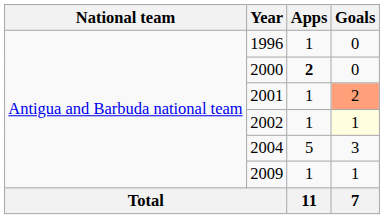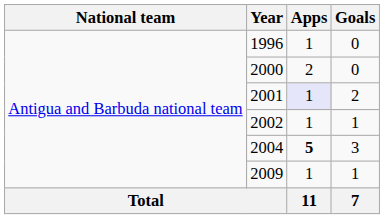 <table class="wikitable" style="text-align:center">
 <tr>
 <th>National team</th>
 <th>Year</th>
 <th>Apps</th>
 <th>Goals</th>
 </tr>
 <tr>
 <td rowspan="6"><a href='#'>Antigua and Barbuda national team</a></td>
 <td>1996</td>
 <td>1</td>
 <td>0</td>
 </tr>
 <tr>
 <td>2000</td>
-<td><strong>2</strong></td>
+<td>2</td>
 <td>0</td>
 </tr>
 <tr>
 <td>2001</td>
-<td>1</td>
-<td style="background: lightsalmon;">2</td>
+<td style="background: lavender;">1</td>
+<td>2</td>
 </tr>
 <tr>
 <td>2002</td>
 <td>1</td>
-<td style="background: lightyellow;">1</td>
+<td>1</td>
 </tr>
 <tr>
 <td>2004</td>
-<td>5</td>
+<td><strong>5</strong></td>
 <td>3</td>
 </tr>
 <tr>
 <td>2009</td>
 <td>1</td>
 <td>1</td>
 </tr>
 <tr>
 <th colspan=2>Total</th>
 <th>11</th>
 <th>7</th>
 </tr>
 </table>
